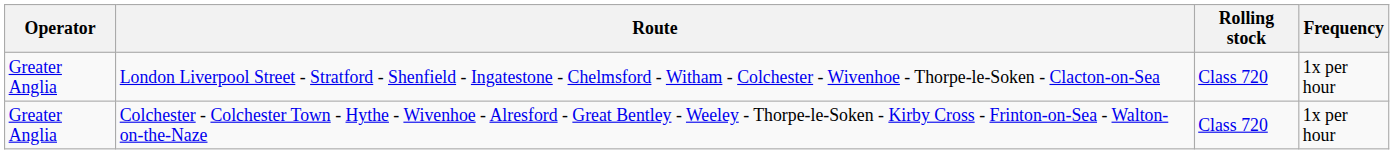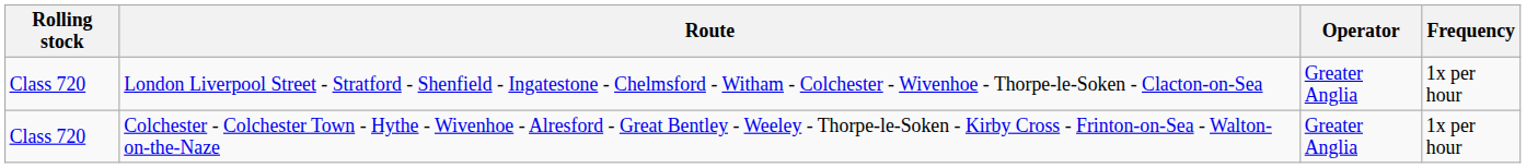 <table class="wikitable vatop">
 <tr>
+<th>Rolling stock</th>
+<th>Route</th>
 <th>Operator</th>
-<th>Route</th>
-<th>Rolling stock</th>
 <th>Frequency</th>
 </tr>
 <tr>
+<td><a href='#'>Class 720</a></td>
+<td><a href='#'>London Liverpool Street</a> - <a href='#'>Stratford</a> - <a href='#'>Shenfield</a> - <a href='#'>Ingatestone</a> - <a href='#'>Chelmsford</a> - <a href='#'>Witham</a> - <a href='#'>Colchester</a> - <a href='#'>Wivenhoe</a> - Thorpe-le-Soken - <a href='#'>Clacton-on-Sea</a></td>
 <td><a href='#'>Greater Anglia</a></td>
-<td><a href='#'>London Liverpool Street</a> - <a href='#'>Stratford</a> - <a href='#'>Shenfield</a> - <a href='#'>Ingatestone</a> - <a href='#'>Chelmsford</a> - <a href='#'>Witham</a> - <a href='#'>Colchester</a> - <a href='#'>Wivenhoe</a> - Thorpe-le-Soken - <a href='#'>Clacton-on-Sea</a></td>
-<td><a href='#'>Class 720</a></td>
 <td>1x per hour</td>
 </tr>
 <tr>
+<td><a href='#'>Class 720</a></td>
+<td><a href='#'>Colchester</a> - <a href='#'>Colchester Town</a> - <a href='#'>Hythe</a> - <a href='#'>Wivenhoe</a> - <a href='#'>Alresford</a> - <a href='#'>Great Bentley</a> - <a href='#'>Weeley</a> - Thorpe-le-Soken - <a href='#'>Kirby Cross</a> - <a href='#'>Frinton-on-Sea</a> - <a href='#'>Walton-on-the-Naze</a></td>
 <td><a href='#'>Greater Anglia</a></td>
-<td><a href='#'>Colchester</a> - <a href='#'>Colchester Town</a> - <a href='#'>Hythe</a> - <a href='#'>Wivenhoe</a> - <a href='#'>Alresford</a> - <a href='#'>Great Bentley</a> - <a href='#'>Weeley</a> - Thorpe-le-Soken - <a href='#'>Kirby Cross</a> - <a href='#'>Frinton-on-Sea</a> - <a href='#'>Walton-on-the-Naze</a></td>
-<td><a href='#'>Class 720</a></td>
 <td>1x per hour</td>
 </tr>
 </table>
